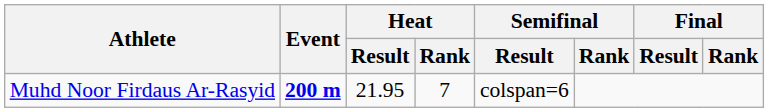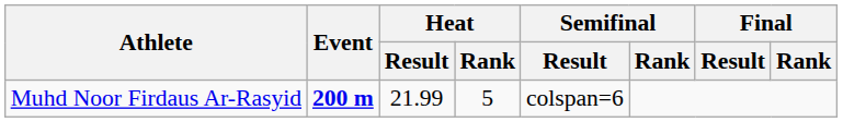 <table class="wikitable">
 <tr>
 <th rowspan="2">Athlete</th>
 <th rowspan="2">Event</th>
 <th colspan="2">Heat</th>
 <th colspan="2">Semifinal</th>
 <th colspan="2">Final</th>
 </tr>
 <tr>
 <th>Result</th>
 <th>Rank</th>
 <th>Result</th>
 <th>Rank</th>
 <th>Result</th>
 <th>Rank</th>
 </tr>
 <tr style=text-align:center>
 <td style=text-align:left><a href='#'>Muhd Noor Firdaus Ar-Rasyid</a></td>
 <td style=text-align:left><strong><a href='#'>200 m</a></strong></td>
-<td>21.95</td>
-<td>7</td>
+<td>21.99</td>
+<td>5</td>
 <td>colspan=6 </td>
 </tr>
 </table>
